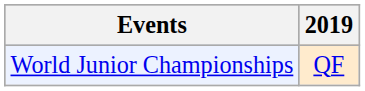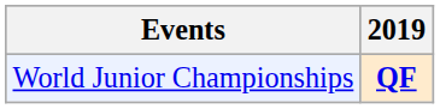 <table class="wikitable" style="font-size: 90%; text-align:center">
 <tr>
 <th>Events</th>
 <th>2019</th>
 </tr>
 <tr>
 <td bgcolor="#ECF2FF"; align="left"><a href='#'>World Junior Championships</a></td>
-<td bgcolor="FFEBCD"><a href='#'>QF</a></td>
+<td bgcolor="FFEBCD"><strong><a href='#'>QF</a></strong></td>
 </tr>
 </table>
